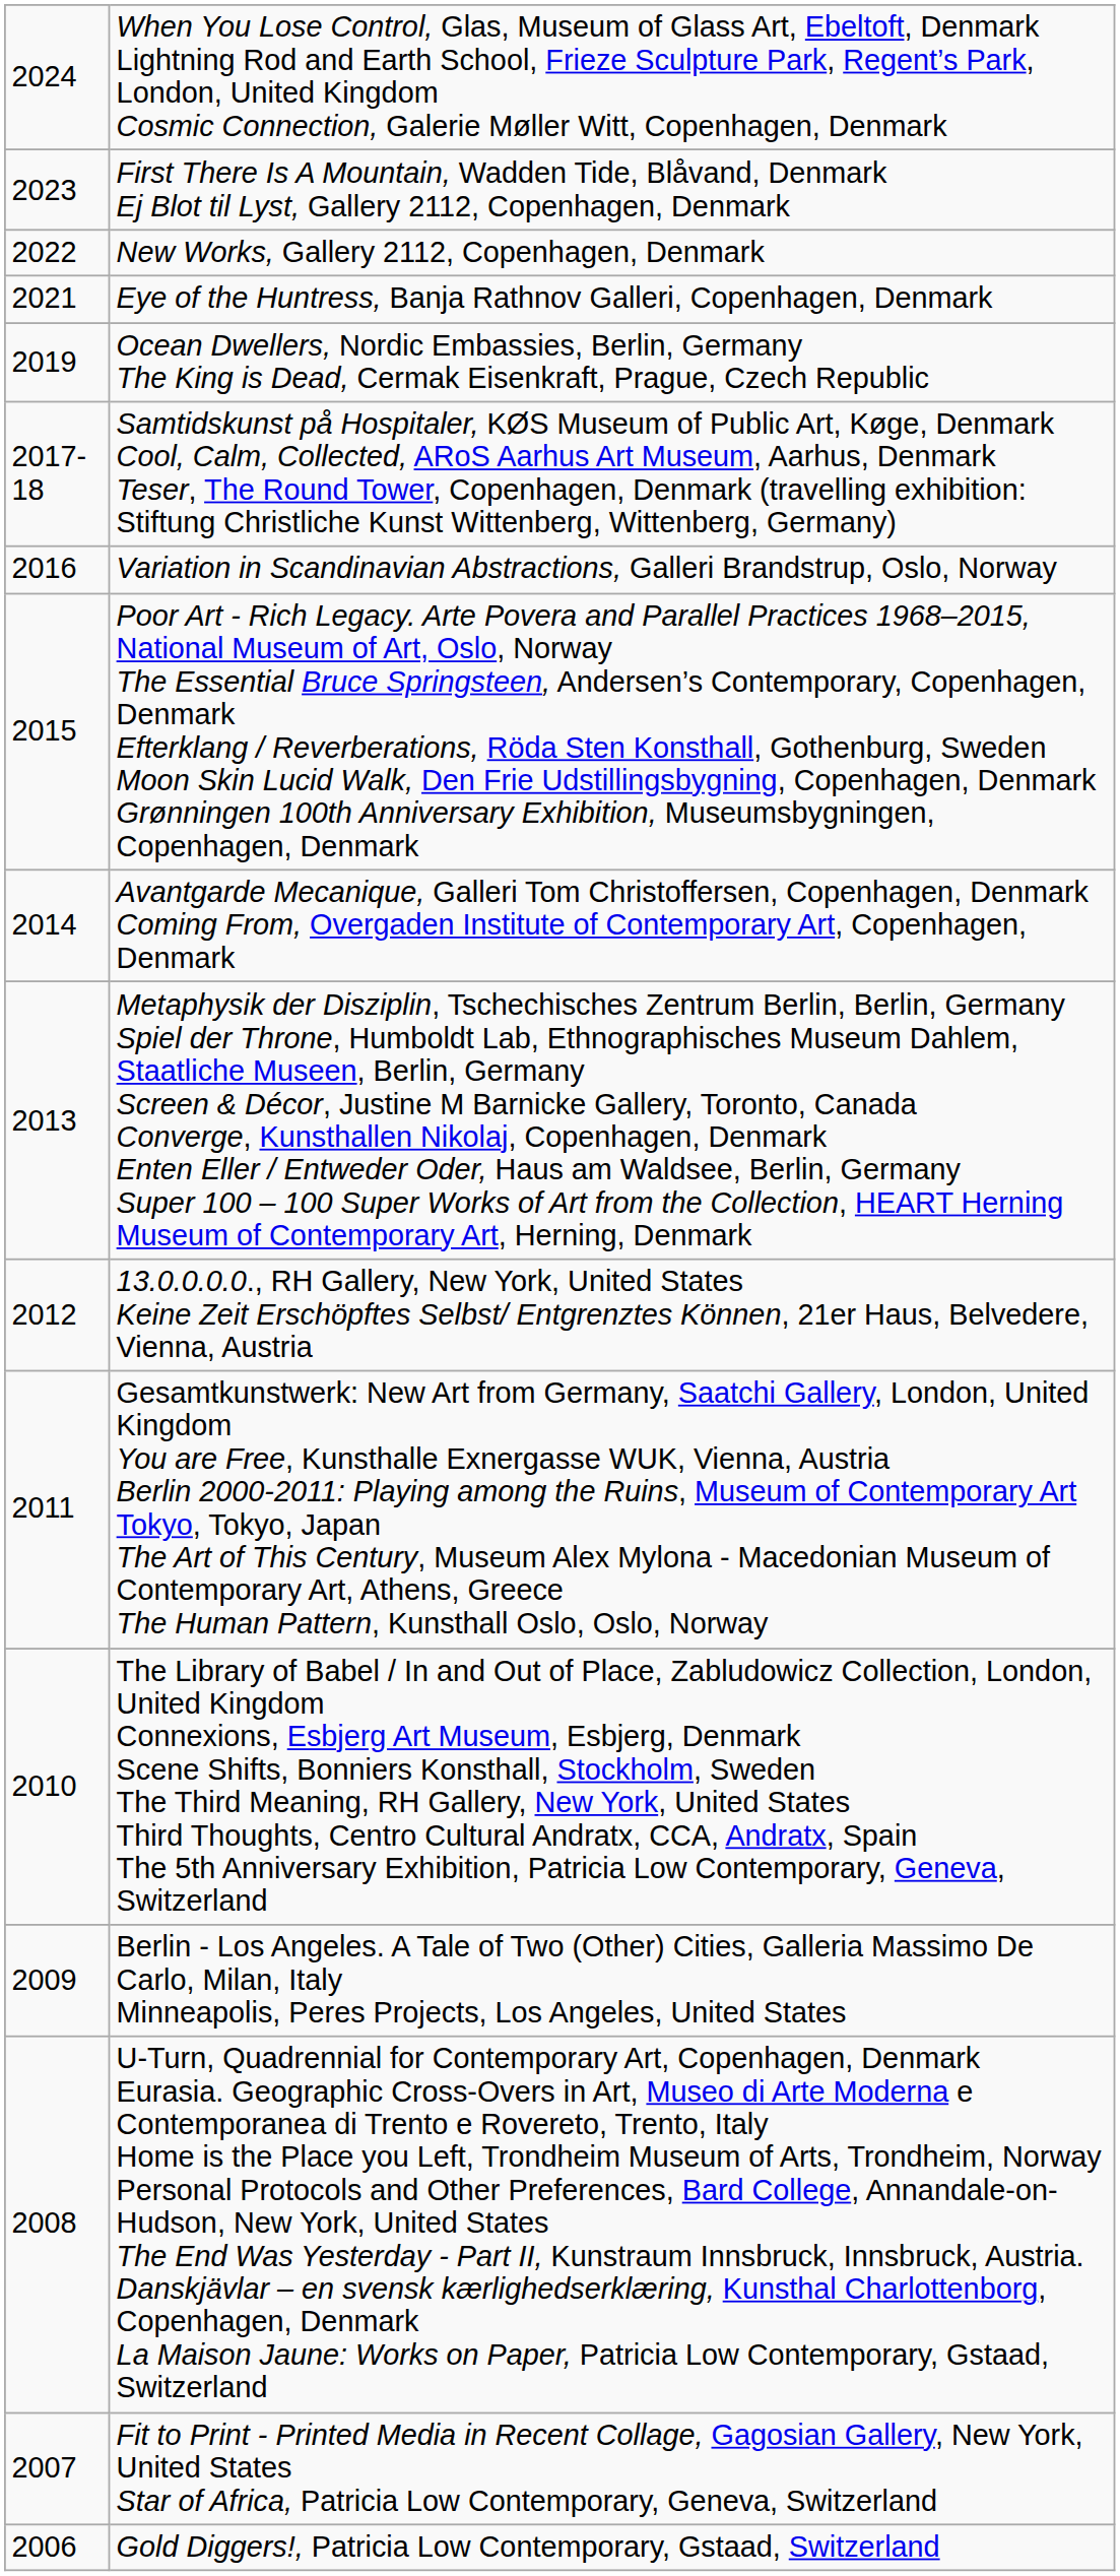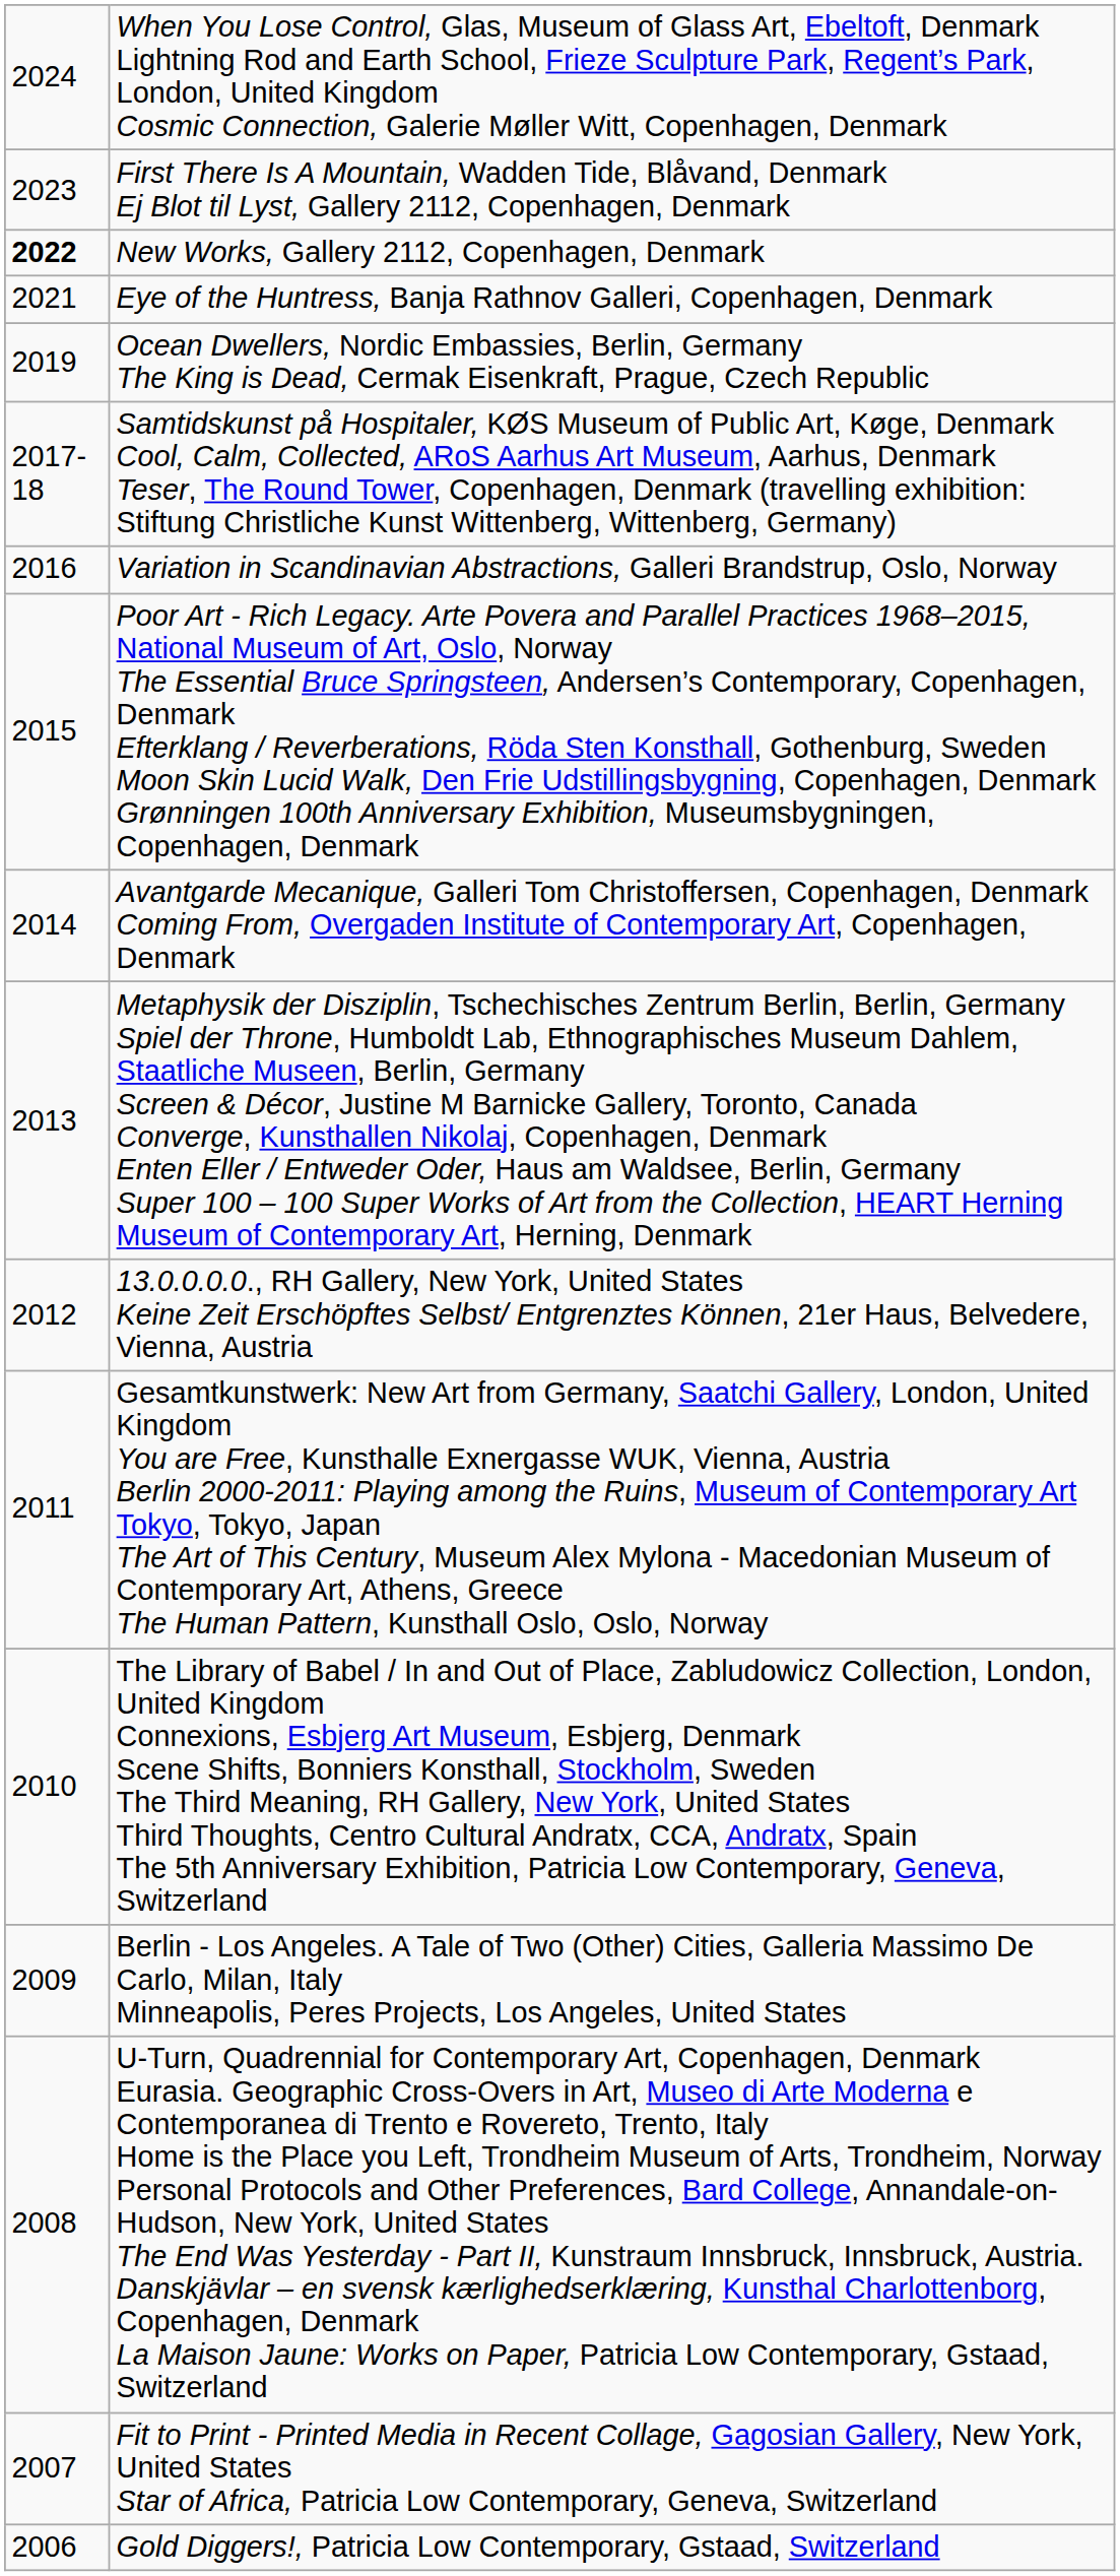 <table class="wikitable">
 <tr>
 <td>2024</td>
 <td><em>When You Lose Control,</em> Glas, Museum of Glass Art, <a href='#'>Ebeltoft</a>, Denmark<br>Lightning Rod and Earth School, <a href='#'>Frieze Sculpture Park</a>, <a href='#'>Regent’s Park</a>, London, United Kingdom<br><em>Cosmic Connection,</em> Galerie Møller Witt, Copenhagen, Denmark</td>
 </tr>
 <tr>
 <td>2023</td>
 <td><em>First There Is A Mountain,</em> Wadden Tide, Blåvand, Denmark<br><em>Ej Blot til Lyst,</em> Gallery 2112, Copenhagen, Denmark</td>
 </tr>
 <tr>
-<td>2022</td>
+<td><strong>2022</strong></td>
 <td><em>New Works,</em> Gallery 2112, Copenhagen, Denmark</td>
 </tr>
 <tr>
 <td>2021</td>
 <td><em>Eye of the Huntress,</em> Banja Rathnov Galleri, Copenhagen, Denmark</td>
 </tr>
 <tr>
 <td>2019</td>
 <td><em>Ocean Dwellers,</em> Nordic Embassies, Berlin, Germany<br><em>The King is Dead,</em> Cermak Eisenkraft, Prague, Czech Republic</td>
 </tr>
 <tr>
 <td>2017-18</td>
 <td><em>Samtidskunst på Hospitaler,</em> KØS Museum of Public Art, Køge, Denmark<br><em>Cool, Calm, Collected,</em> <a href='#'>ARoS Aarhus Art Museum</a>, Aarhus, Denmark<br><em>Teser</em>, <a href='#'>The Round Tower</a>, Copenhagen, Denmark (travelling exhibition: Stiftung Christliche Kunst Wittenberg, Wittenberg, Germany)</td>
 </tr>
 <tr>
 <td>2016</td>
 <td><em>Variation in Scandinavian Abstractions,</em> Galleri Brandstrup, Oslo, Norway</td>
 </tr>
 <tr>
 <td>2015</td>
 <td><em>Poor Art - Rich Legacy. Arte Povera and Parallel Practices 1968–2015,</em> <a href='#'>National Museum of Art, Oslo</a>, Norway<br><em>The Essential <a href='#'>Bruce Springsteen</a>,</em> Andersen’s Contemporary, Copenhagen, Denmark<br><em>Efterklang / Reverberations,</em> <a href='#'>Röda Sten Konsthall</a>, Gothenburg, Sweden<br><em>Moon Skin Lucid Walk,</em> <a href='#'>Den Frie Udstillingsbygning</a>, Copenhagen, Denmark<br><em>Grønningen 100th Anniversary Exhibition,</em> Museumsbygningen, Copenhagen, Denmark</td>
 </tr>
 <tr>
 <td>2014</td>
 <td><em>Avantgarde Mecanique,</em> Galleri Tom Christoffersen, Copenhagen, Denmark<br><em>Coming From,</em> <a href='#'>Overgaden Institute of Contemporary Art</a>, Copenhagen, Denmark</td>
 </tr>
 <tr>
 <td>2013</td>
 <td><em>Metaphysik der Disziplin</em>, Tschechisches Zentrum Berlin, Berlin, Germany<br><em>Spiel der Throne</em>, Humboldt Lab, Ethnographisches Museum Dahlem, <a href='#'>Staatliche Museen</a>, Berlin, Germany<br><em>Screen & Décor</em>, Justine M Barnicke Gallery, Toronto, Canada<br><em>Converge</em>, <a href='#'>Kunsthallen Nikolaj</a>, Copenhagen, Denmark<br><em>Enten Eller / Entweder Oder,</em> Haus am Waldsee, Berlin, Germany<br><em>Super 100 – 100 Super Works of Art from the Collection</em>, <a href='#'>HEART Herning Museum of Contemporary Art</a>, Herning, Denmark</td>
 </tr>
 <tr>
 <td>2012</td>
 <td><em>13.0.0.0.0</em>., RH Gallery, New York, United States<br><em>Keine Zeit Erschöpftes Selbst/ Entgrenztes Können</em>, 21er Haus, Belvedere, Vienna, Austria</td>
 </tr>
 <tr>
 <td>2011</td>
 <td>Gesamtkunstwerk: New Art from Germany, <a href='#'>Saatchi Gallery</a>, London, United Kingdom<br><em>You are Free</em>, Kunsthalle Exnergasse WUK, Vienna, Austria<br><em>Berlin 2000-2011: Playing among the Ruins</em>, <a href='#'>Museum of Contemporary Art Tokyo</a>, Tokyo, Japan<br><em>The Art of This Century</em>, Museum Alex Mylona - Macedonian Museum of Contemporary Art, Athens, Greece<br><em>The Human Pattern</em>, Kunsthall Oslo, Oslo, Norway</td>
 </tr>
 <tr>
 <td>2010</td>
 <td>The Library of Babel / In and Out of Place, Zabludowicz Collection, London, United Kingdom<br>Connexions, <a href='#'>Esbjerg Art Museum</a>, Esbjerg, Denmark<br>Scene Shifts, Bonniers Konsthall, <a href='#'>Stockholm</a>, Sweden<br>The Third Meaning, RH Gallery, <a href='#'>New York</a>, United States<br>Third Thoughts, Centro Cultural Andratx, CCA, <a href='#'>Andratx</a>, Spain<br>The 5th Anniversary Exhibition, Patricia Low Contemporary, <a href='#'>Geneva</a>, Switzerland</td>
 </tr>
 <tr>
 <td>2009</td>
 <td>Berlin - Los Angeles. A Tale of Two (Other) Cities, Galleria Massimo De Carlo, Milan, Italy<br>Minneapolis, Peres Projects, Los Angeles, United States</td>
 </tr>
 <tr>
 <td>2008</td>
 <td>U-Turn, Quadrennial for Contemporary Art, Copenhagen, Denmark<br>Eurasia. Geographic Cross-Overs in Art, <a href='#'>Museo di Arte Moderna</a> e Contemporanea di Trento e Rovereto, Trento, Italy<br>Home is the Place you Left, Trondheim Museum of Arts, Trondheim, Norway<br>Personal Protocols and Other Preferences, <a href='#'>Bard College</a>, Annandale-on-Hudson, New York, United States<br><em>The End Was Yesterday - Part II,</em> Kunstraum Innsbruck, Innsbruck, Austria.<br><em>Danskjävlar – en svensk kærlighedserklæring,</em> <a href='#'>Kunsthal Charlottenborg</a>, Copenhagen, Denmark<br><em>La Maison Jaune: Works on Paper,</em> Patricia Low Contemporary, Gstaad, Switzerland</td>
 </tr>
 <tr>
 <td>2007</td>
 <td><em>Fit to Print - Printed Media in Recent Collage,</em> <a href='#'>Gagosian Gallery</a>, New York, United States<br><em>Star of Africa,</em> Patricia Low Contemporary, Geneva, Switzerland</td>
 </tr>
 <tr>
 <td>2006</td>
 <td><em>Gold Diggers!,</em> Patricia Low Contemporary, Gstaad, <a href='#'>Switzerland</a></td>
 </tr>
 </table>
